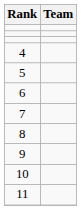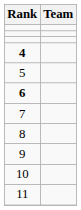 <table class="wikitable" style="text-align: center;">
 <tr>
 <th>Rank</th>
 <th>Team</th>
 </tr>
 <tr>
 <td></td>
 <td align="left"></td>
 </tr>
 <tr>
 <td></td>
 <td align="left"></td>
 </tr>
 <tr>
 <td></td>
 <td align="left"></td>
 </tr>
 <tr>
-<td>4</td>
+<td><strong>4</strong></td>
 <td align="left"></td>
 </tr>
 <tr>
 <td>5</td>
 <td align="left"></td>
 </tr>
 <tr>
-<td>6</td>
+<td><strong>6</strong></td>
 <td align="left"></td>
 </tr>
 <tr>
 <td>7</td>
 <td align="left"></td>
 </tr>
 <tr>
 <td>8</td>
 <td align="left"></td>
 </tr>
 <tr>
 <td>9</td>
 <td align="left"></td>
 </tr>
 <tr>
 <td>10</td>
 <td align="left"></td>
 </tr>
 <tr>
 <td>11</td>
 <td align="left"></td>
 </tr>
 <tr>
 </tr>
 </table>
